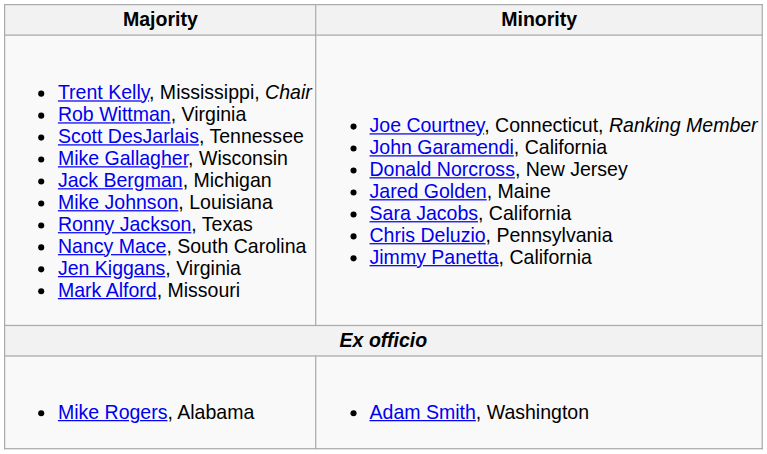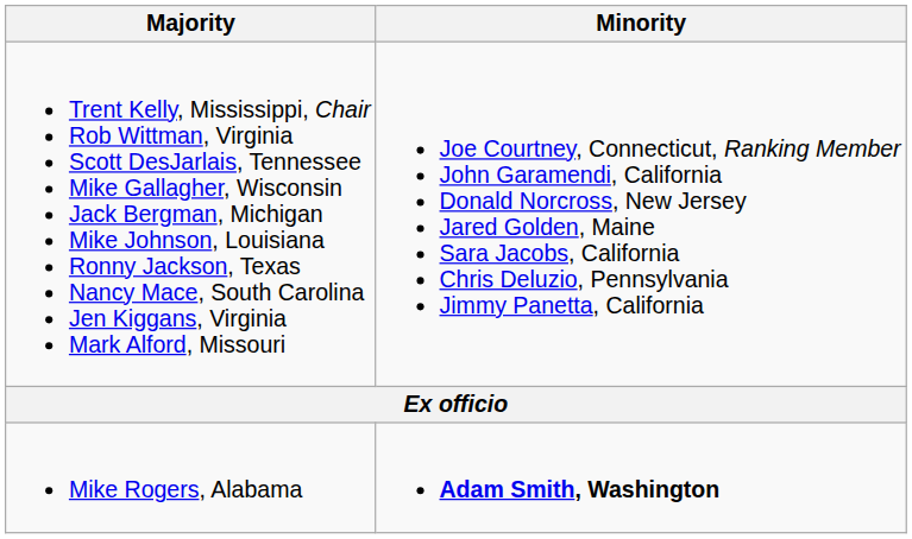 <table class=wikitable>
 <tr>
 <th>Majority</th>
 <th>Minority</th>
 </tr>
 <tr>
 <td><br><ul><li><a href='#'>Trent Kelly</a>, Mississippi, <em>Chair</em></li><li><a href='#'>Rob Wittman</a>, Virginia</li><li><a href='#'>Scott DesJarlais</a>, Tennessee</li><li><a href='#'>Mike Gallagher</a>, Wisconsin</li><li><a href='#'>Jack Bergman</a>, Michigan</li><li><a href='#'>Mike Johnson</a>, Louisiana</li><li><a href='#'>Ronny Jackson</a>, Texas</li><li><a href='#'>Nancy Mace</a>, South Carolina</li><li><a href='#'>Jen Kiggans</a>, Virginia</li><li><a href='#'>Mark Alford</a>, Missouri</li></ul></td>
 <td><br><ul><li><a href='#'>Joe Courtney</a>, Connecticut, <em>Ranking Member</em></li><li><a href='#'>John Garamendi</a>, California</li><li><a href='#'>Donald Norcross</a>, New Jersey</li><li><a href='#'>Jared Golden</a>, Maine</li><li><a href='#'>Sara Jacobs</a>, California</li><li><a href='#'>Chris Deluzio</a>, Pennsylvania</li><li><a href='#'>Jimmy Panetta</a>, California</li></ul></td>
 </tr>
 <tr>
 <th colspan=2><em>Ex officio</em></th>
 </tr>
 <tr>
 <td><br><ul><li><a href='#'>Mike Rogers</a>, Alabama</li></ul></td>
-<td><br><ul><li><a href='#'>Adam Smith</a>, Washington</li></ul></td>
+<td><strong><br><ul><li><a href='#'>Adam Smith</a>, Washington</li></ul></strong></td>
 </tr>
 </table>
